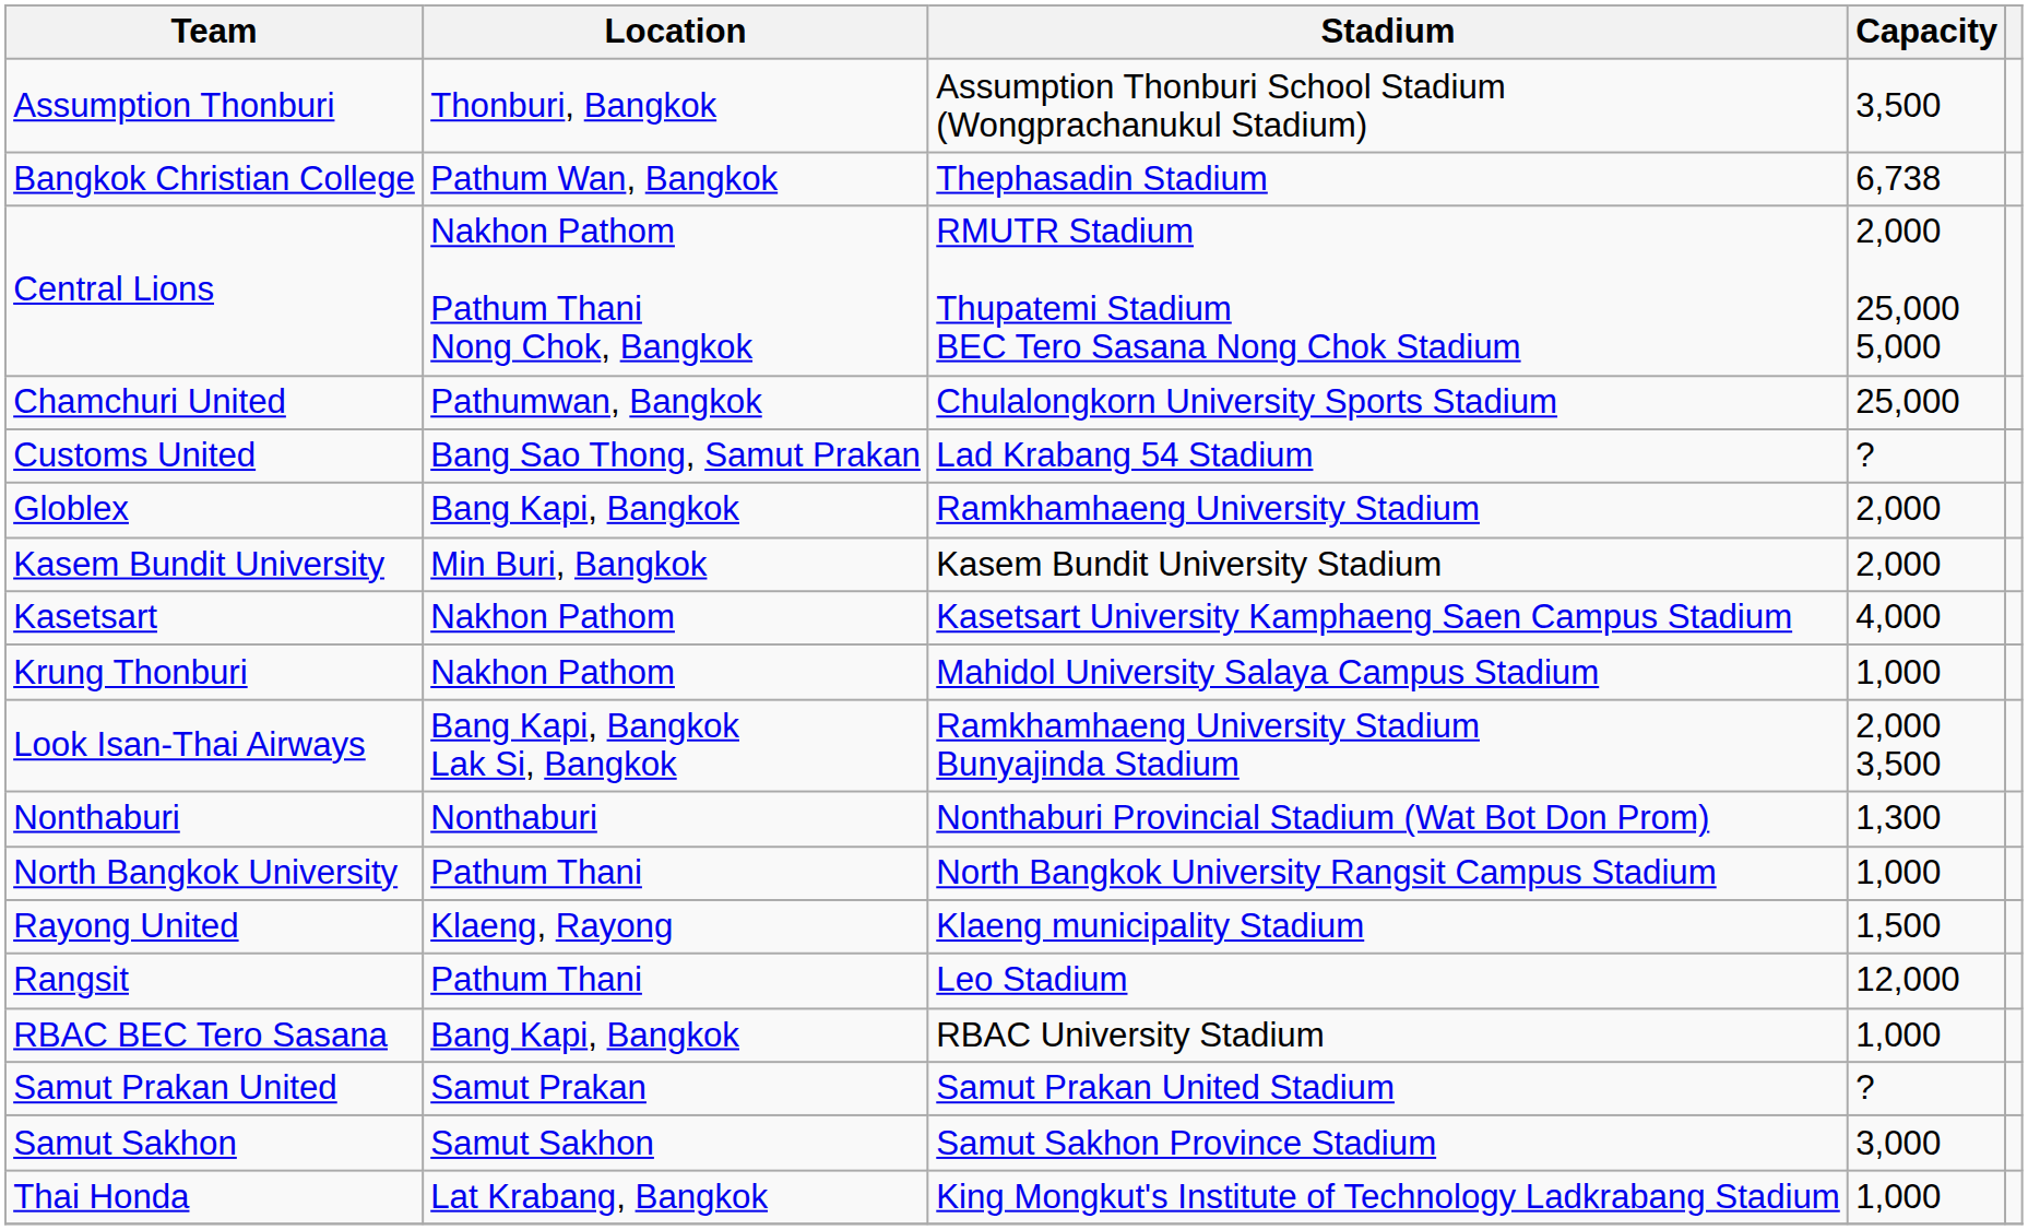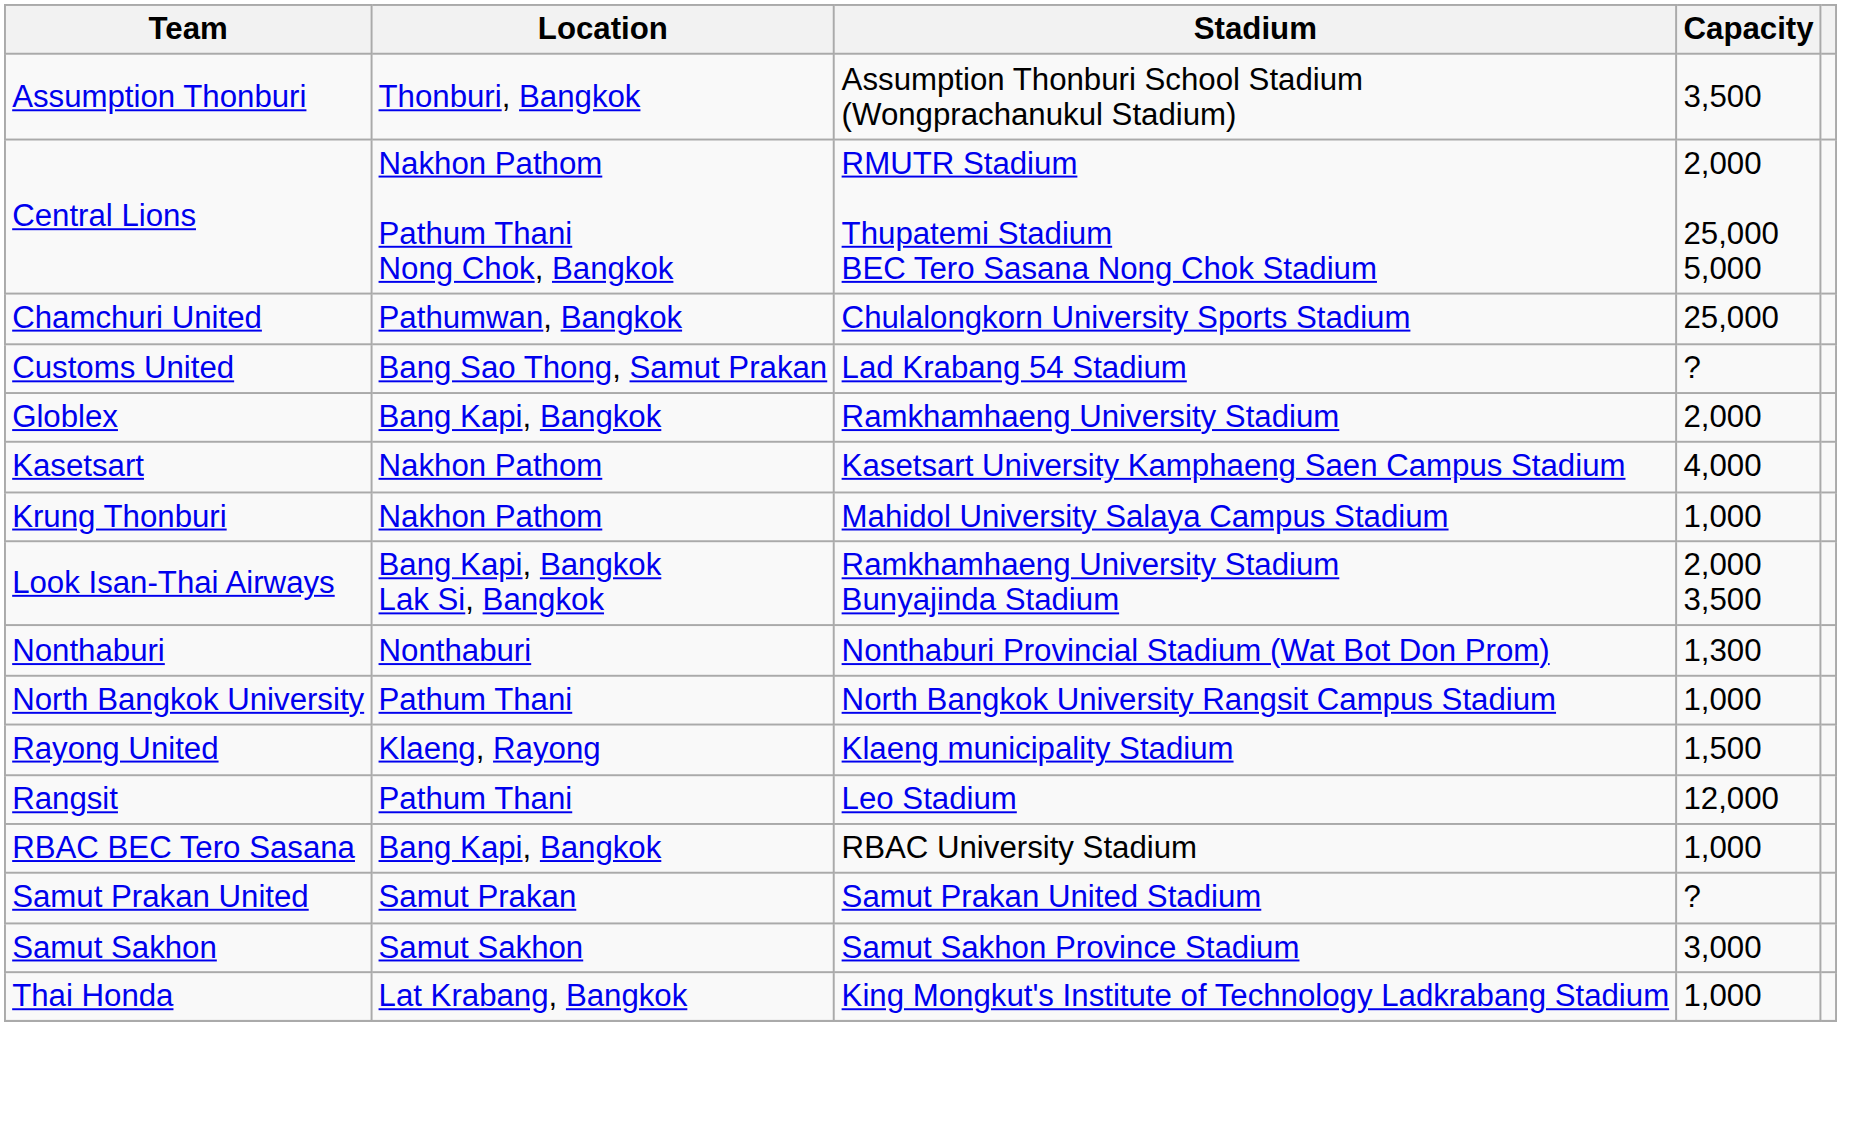 <table class="wikitable sortable">
 <tr>
 <th>Team</th>
 <th>Location</th>
 <th>Stadium </th>
 <th>Capacity</th>
 <th class="unsortable"></th>
 </tr>
 <tr>
 <td><a href='#'>Assumption Thonburi</a></td>
 <td><a href='#'>Thonburi</a>, <a href='#'>Bangkok</a></td>
 <td>Assumption Thonburi School Stadium<br>(Wongprachanukul Stadium)</td>
 <td>3,500</td>
-<td></td>
-</tr>
-<tr>
-<td><a href='#'>Bangkok Christian College</a></td>
-<td><a href='#'>Pathum Wan</a>, <a href='#'>Bangkok</a></td>
-<td><a href='#'>Thephasadin Stadium</a></td>
-<td>6,738</td>
 <td></td>
 </tr>
 <tr>
 <td><a href='#'>Central Lions</a></td>
 <td><a href='#'>Nakhon Pathom</a><br><br><a href='#'>Pathum Thani</a><br> <a href='#'>Nong Chok</a>, <a href='#'>Bangkok</a><br></td>
 <td><a href='#'>RMUTR Stadium</a><br><br><a href='#'>Thupatemi Stadium</a><br>  <a href='#'>BEC Tero Sasana Nong Chok Stadium</a><br></td>
 <td>2,000<br><br>25,000 <br> 5,000 <br></td>
 <td><br> </td>
 </tr>
 <tr>
 <td><a href='#'>Chamchuri United</a></td>
 <td><a href='#'>Pathumwan</a>, <a href='#'>Bangkok</a></td>
 <td><a href='#'>Chulalongkorn University Sports Stadium</a><br></td>
 <td>25,000</td>
 <td></td>
 </tr>
 <tr>
 <td><a href='#'>Customs United</a></td>
 <td><a href='#'>Bang Sao Thong</a>, <a href='#'>Samut Prakan</a></td>
 <td><a href='#'>Lad Krabang 54 Stadium</a></td>
 <td>?</td>
 <td></td>
 </tr>
 <tr>
 <td><a href='#'>Globlex</a></td>
 <td><a href='#'>Bang Kapi</a>, <a href='#'>Bangkok</a></td>
 <td><a href='#'>Ramkhamhaeng University Stadium</a></td>
-<td>2,000</td>
-<td></td>
-</tr>
-<tr>
-<td><a href='#'>Kasem Bundit University</a></td>
-<td><a href='#'>Min Buri</a>, <a href='#'>Bangkok</a></td>
-<td>Kasem Bundit University Stadium</td>
 <td>2,000</td>
 <td></td>
 </tr>
 <tr>
 <td><a href='#'>Kasetsart</a></td>
 <td><a href='#'>Nakhon Pathom</a></td>
 <td><a href='#'>Kasetsart University Kamphaeng Saen Campus Stadium</a></td>
 <td>4,000</td>
 <td></td>
 </tr>
 <tr>
 <td><a href='#'>Krung Thonburi</a></td>
 <td><a href='#'>Nakhon Pathom</a></td>
 <td><a href='#'>Mahidol University Salaya Campus Stadium</a></td>
 <td>1,000</td>
 <td></td>
 </tr>
 <tr>
 <td><a href='#'>Look Isan-Thai Airways</a></td>
 <td><a href='#'>Bang Kapi</a>, <a href='#'>Bangkok</a><br><a href='#'>Lak Si</a>, <a href='#'>Bangkok</a></td>
 <td><a href='#'>Ramkhamhaeng University Stadium</a><br><a href='#'>Bunyajinda Stadium</a></td>
 <td>2,000<br>3,500</td>
 <td></td>
 </tr>
 <tr>
 <td><a href='#'>Nonthaburi</a></td>
 <td><a href='#'>Nonthaburi</a></td>
 <td><a href='#'>Nonthaburi Provincial Stadium (Wat Bot Don Prom)</a></td>
 <td>1,300</td>
 <td></td>
 </tr>
 <tr>
 <td><a href='#'>North Bangkok University</a></td>
 <td><a href='#'>Pathum Thani</a></td>
 <td><a href='#'>North Bangkok University Rangsit Campus Stadium</a></td>
 <td>1,000</td>
 <td></td>
 </tr>
 <tr>
 <td><a href='#'>Rayong United</a></td>
 <td><a href='#'>Klaeng</a>, <a href='#'>Rayong</a></td>
 <td><a href='#'>Klaeng municipality Stadium</a></td>
 <td>1,500</td>
 <td></td>
 </tr>
 <tr>
 <td><a href='#'>Rangsit</a></td>
 <td><a href='#'>Pathum Thani</a></td>
 <td><a href='#'>Leo Stadium</a></td>
 <td>12,000</td>
 <td></td>
 </tr>
 <tr>
 <td><a href='#'>RBAC BEC Tero Sasana</a></td>
 <td><a href='#'>Bang Kapi</a>, <a href='#'>Bangkok</a></td>
 <td>RBAC University Stadium</td>
 <td>1,000</td>
 <td></td>
 </tr>
 <tr>
 <td><a href='#'>Samut Prakan United</a></td>
 <td><a href='#'>Samut Prakan</a></td>
 <td><a href='#'>Samut Prakan United Stadium</a></td>
 <td>?</td>
 <td></td>
 </tr>
 <tr>
 <td><a href='#'>Samut Sakhon</a></td>
 <td><a href='#'>Samut Sakhon</a></td>
 <td><a href='#'>Samut Sakhon Province Stadium</a></td>
 <td>3,000</td>
 <td></td>
 </tr>
 <tr>
 <td><a href='#'>Thai Honda</a></td>
 <td><a href='#'>Lat Krabang</a>, <a href='#'>Bangkok</a></td>
 <td><a href='#'>King Mongkut's Institute of Technology Ladkrabang Stadium</a></td>
 <td>1,000</td>
 <td></td>
 </tr>
 <tr>
 </tr>
 </table>
